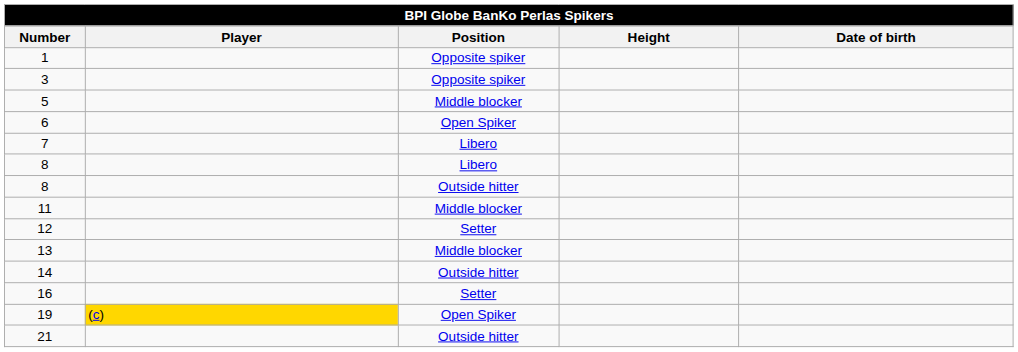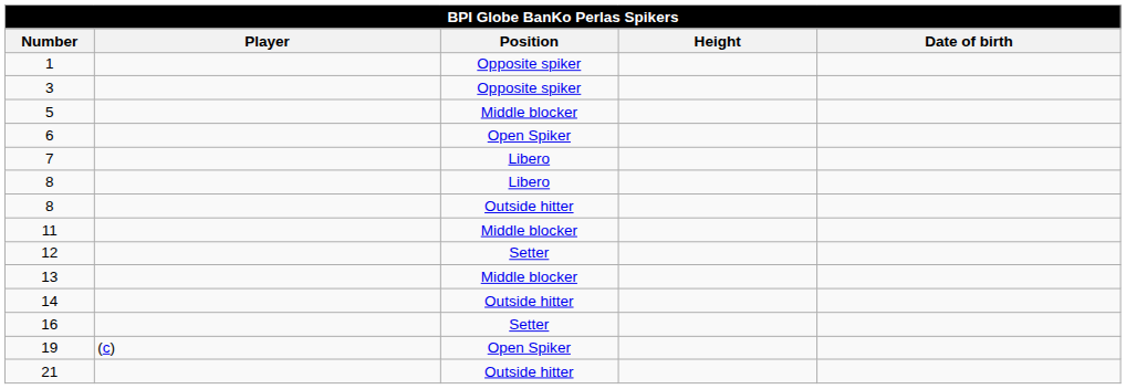 <table class="wikitable sortable" style="text-align:center; width: 85%; font-size:90%;">
 <tr>
 <th colspan="8" style= "background:black; color:white; text-align: center"><strong>BPI Globe BanKo Perlas Spikers</strong></th>
 </tr>
 <tr>
 <th style="width:3em;">Number</th>
 <th style="width:16em;">Player</th>
 <th style="width:8em;">Position</th>
 <th style="width:9em;">Height</th>
 <th style="width:14em;">Date of birth</th>
 </tr>
 <tr>
 <td>1</td>
 <td align=left> </td>
 <td><a href='#'>Opposite spiker</a></td>
 <td></td>
 <td align=right></td>
 </tr>
 <tr>
 <td>3</td>
 <td align=left> </td>
 <td><a href='#'>Opposite spiker</a></td>
 <td></td>
 <td align=right></td>
 </tr>
 <tr>
 <td>5</td>
 <td align=left> </td>
 <td><a href='#'>Middle blocker</a></td>
 <td></td>
 <td align=right></td>
 </tr>
 <tr>
 <td>6</td>
 <td align=left> </td>
 <td><a href='#'>Open Spiker</a></td>
 <td></td>
 <td align=right></td>
 </tr>
 <tr>
 <td>7</td>
 <td align=left> </td>
 <td><a href='#'>Libero</a></td>
 <td></td>
 <td align=right></td>
 </tr>
 <tr>
 <td>8</td>
 <td align=left> </td>
 <td><a href='#'>Libero</a></td>
 <td></td>
 <td align=right></td>
 </tr>
 <tr>
 <td>8</td>
 <td align=left> </td>
 <td><a href='#'>Outside hitter</a></td>
 <td></td>
 <td align=right></td>
 </tr>
 <tr>
 <td>11</td>
 <td align=left> </td>
 <td><a href='#'>Middle blocker</a></td>
 <td></td>
 <td align=right></td>
 </tr>
 <tr>
 <td>12</td>
 <td align=left> </td>
 <td><a href='#'>Setter</a></td>
 <td></td>
 <td align=right></td>
 </tr>
 <tr>
 <td>13</td>
 <td align=left> </td>
 <td><a href='#'>Middle blocker</a></td>
 <td></td>
 <td></td>
 </tr>
 <tr>
 <td>14</td>
 <td align=left> </td>
 <td><a href='#'>Outside hitter</a></td>
 <td></td>
 <td align=right><br></td>
 </tr>
 <tr>
 <td>16</td>
 <td align=left> </td>
 <td><a href='#'>Setter</a></td>
 <td></td>
 <td align=right></td>
 </tr>
 <tr>
 <td>19</td>
-<td align=left style="background: gold;">  (<a href='#'>c</a>)</td>
+<td align=left>  (<a href='#'>c</a>)</td>
 <td><a href='#'>Open Spiker</a></td>
 <td></td>
 <td align=right></td>
 </tr>
 <tr>
 <td>21</td>
 <td align=left> </td>
 <td><a href='#'>Outside hitter</a></td>
 <td></td>
 <td align=right></td>
 </tr>
 </table>
